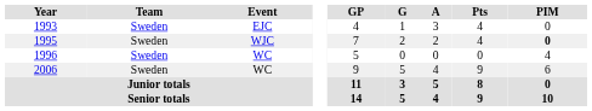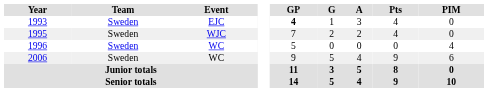 <table border="0" cellpadding="1" cellspacing="0" style="text-align:center; width:50em">
 <tr ALIGN="center" bgcolor="#e0e0e0">
 <th>Year</th>
 <th>Team</th>
 <th>Event</th>
 <th rowspan="99" bgcolor="#ffffff"> </th>
 <th>GP</th>
 <th>G</th>
 <th>A</th>
 <th>Pts</th>
 <th>PIM</th>
 </tr>
 <tr>
 <td><a href='#'>1993</a></td>
 <td><a href='#'>Sweden</a></td>
 <td><a href='#'>EJC</a></td>
-<td>4</td>
+<td><strong>4</strong></td>
 <td>1</td>
 <td>3</td>
 <td>4</td>
 <td>0</td>
 </tr>
 <tr bgcolor="#f0f0f0">
 <td><a href='#'>1995</a></td>
 <td>Sweden</td>
 <td><a href='#'>WJC</a></td>
 <td>7</td>
 <td>2</td>
 <td>2</td>
 <td>4</td>
-<td><strong>0</strong></td>
+<td>0</td>
 </tr>
 <tr>
 <td><a href='#'>1996</a></td>
 <td><a href='#'>Sweden</a></td>
 <td><a href='#'>WC</a></td>
 <td>5</td>
 <td>0</td>
 <td>0</td>
 <td>0</td>
 <td>4</td>
 </tr>
 <tr bgcolor="#f0f0f0">
 <td><a href='#'>2006</a></td>
 <td>Sweden</td>
 <td>WC</td>
 <td>9</td>
 <td>5</td>
 <td>4</td>
 <td>9</td>
 <td>6</td>
 </tr>
 <tr bgcolor="#e0e0e0">
 <th colspan=3>Junior totals</th>
 <th>11</th>
 <th>3</th>
 <th>5</th>
 <th>8</th>
 <th>0</th>
 </tr>
 <tr bgcolor="#e0e0e0">
 <th colspan=3>Senior totals</th>
 <th>14</th>
 <th>5</th>
 <th>4</th>
 <th>9</th>
 <th>10</th>
 </tr>
 </table>
